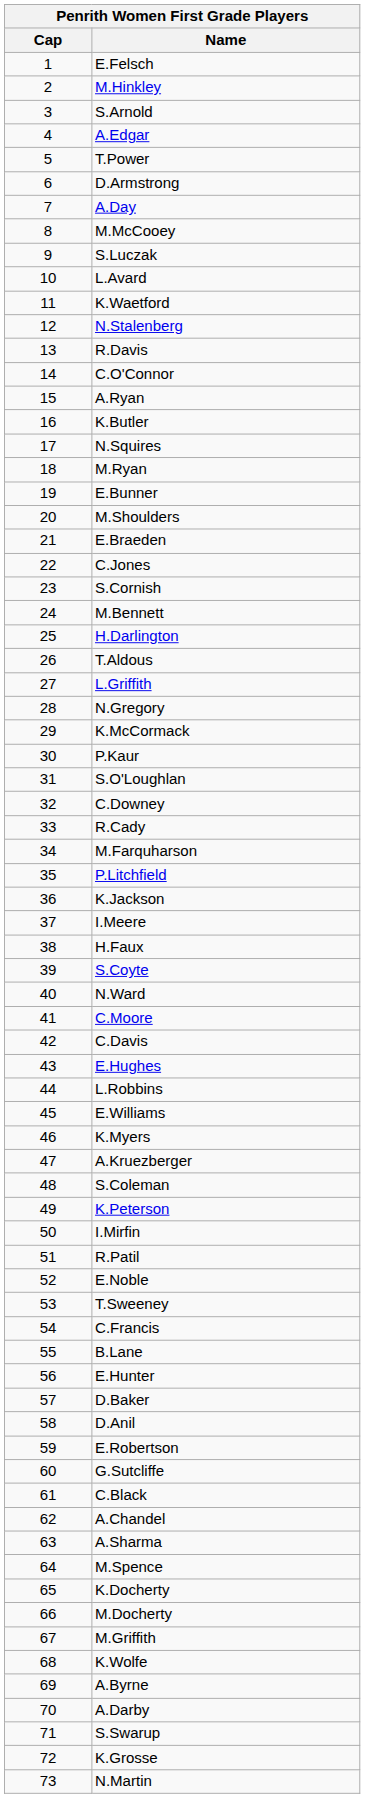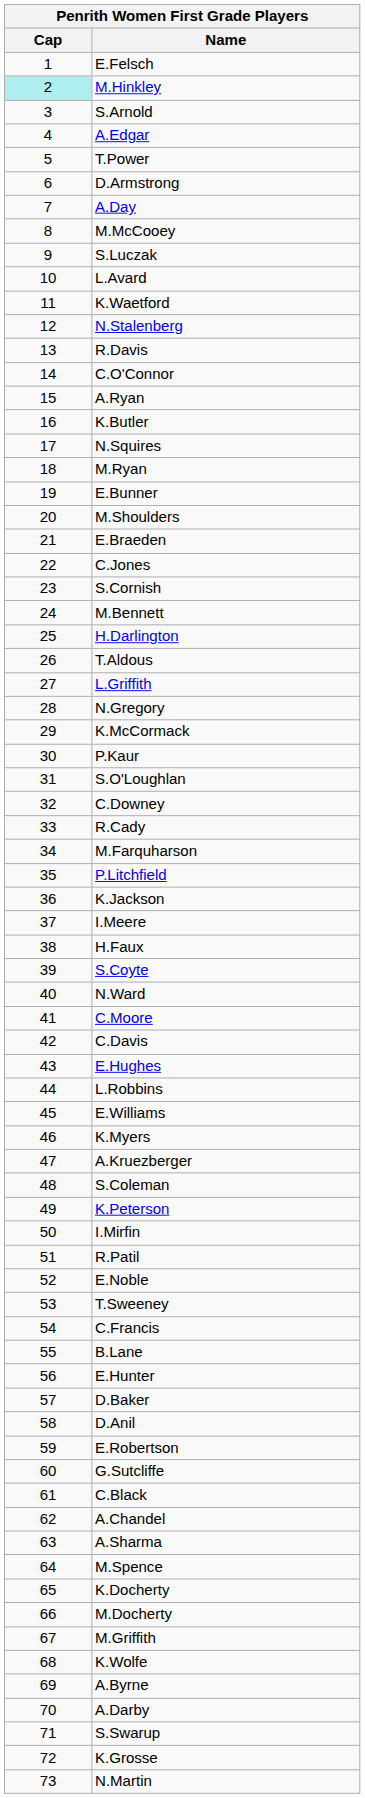 <table class="wikitable sortable" style="width:30%;">
 <tr style="background:#efefef;">
 <th colspan="3">Penrith Women First Grade Players</th>
 </tr>
 <tr>
 <th Cap (sport)>Cap</th>
 <th>Name</th>
 </tr>
 <tr>
 <td style="text-align:center">1</td>
 <td>E.Felsch</td>
 </tr>
 <tr>
-<td style="text-align:center">2</td>
+<td style="background: paleturquoise; text-align:center">2</td>
 <td><a href='#'>M.Hinkley</a></td>
 </tr>
 <tr>
 <td style="text-align:center">3</td>
 <td>S.Arnold</td>
 </tr>
 <tr>
 <td style="text-align:center">4</td>
 <td><a href='#'>A.Edgar</a></td>
 </tr>
 <tr>
 <td style="text-align:center">5</td>
 <td>T.Power</td>
 </tr>
 <tr>
 <td style="text-align:center">6</td>
 <td>D.Armstrong</td>
 </tr>
 <tr>
 <td style="text-align:center">7</td>
 <td><a href='#'>A.Day</a></td>
 </tr>
 <tr>
 <td style="text-align:center">8</td>
 <td>M.McCooey</td>
 </tr>
 <tr>
 <td style="text-align:center">9</td>
 <td>S.Luczak</td>
 </tr>
 <tr>
 <td style="text-align:center">10</td>
 <td>L.Avard</td>
 </tr>
 <tr>
 <td style="text-align:center">11</td>
 <td>K.Waetford</td>
 </tr>
 <tr>
 <td style="text-align:center">12</td>
 <td><a href='#'>N.Stalenberg</a></td>
 </tr>
 <tr>
 <td style="text-align:center">13</td>
 <td>R.Davis</td>
 </tr>
 <tr>
 <td style="text-align:center">14</td>
 <td>C.O'Connor</td>
 </tr>
 <tr>
 <td style="text-align:center">15</td>
 <td>A.Ryan</td>
 </tr>
 <tr>
 <td style="text-align:center">16</td>
 <td>K.Butler</td>
 </tr>
 <tr>
 <td style="text-align:center">17</td>
 <td>N.Squires</td>
 </tr>
 <tr>
 <td style="text-align:center">18</td>
 <td>M.Ryan</td>
 </tr>
 <tr>
 <td style="text-align:center">19</td>
 <td>E.Bunner</td>
 </tr>
 <tr>
 <td style="text-align:center">20</td>
 <td>M.Shoulders</td>
 </tr>
 <tr>
 <td style="text-align:center">21</td>
 <td>E.Braeden</td>
 </tr>
 <tr>
 <td style="text-align:center">22</td>
 <td>C.Jones</td>
 </tr>
 <tr>
 <td style="text-align:center">23</td>
 <td>S.Cornish</td>
 </tr>
 <tr>
 <td style="text-align:center">24</td>
 <td>M.Bennett</td>
 </tr>
 <tr>
 <td style="text-align:center">25</td>
 <td><a href='#'>H.Darlington</a></td>
 </tr>
 <tr>
 <td style="text-align:center">26</td>
 <td>T.Aldous</td>
 </tr>
 <tr>
 <td style="text-align:center">27</td>
 <td><a href='#'>L.Griffith</a></td>
 </tr>
 <tr>
 <td style="text-align:center">28</td>
 <td>N.Gregory</td>
 </tr>
 <tr>
 <td style="text-align:center">29</td>
 <td>K.McCormack</td>
 </tr>
 <tr>
 <td style="text-align:center">30</td>
 <td>P.Kaur</td>
 </tr>
 <tr>
 <td style="text-align:center">31</td>
 <td>S.O'Loughlan</td>
 </tr>
 <tr>
 <td style="text-align:center">32</td>
 <td>C.Downey</td>
 </tr>
 <tr>
 <td style="text-align:center">33</td>
 <td>R.Cady</td>
 </tr>
 <tr>
 <td style="text-align:center">34</td>
 <td>M.Farquharson</td>
 </tr>
 <tr>
 <td style="text-align:center">35</td>
 <td><a href='#'>P.Litchfield</a></td>
 </tr>
 <tr>
 <td style="text-align:center">36</td>
 <td>K.Jackson</td>
 </tr>
 <tr>
 <td style="text-align:center">37</td>
 <td>I.Meere</td>
 </tr>
 <tr>
 <td style="text-align:center">38</td>
 <td>H.Faux</td>
 </tr>
 <tr>
 <td style="text-align:center">39</td>
 <td><a href='#'>S.Coyte</a></td>
 </tr>
 <tr>
 <td style="text-align:center">40</td>
 <td>N.Ward</td>
 </tr>
 <tr>
 <td style="text-align:center">41</td>
 <td><a href='#'>C.Moore</a></td>
 </tr>
 <tr>
 <td style="text-align:center">42</td>
 <td>C.Davis</td>
 </tr>
 <tr>
 <td style="text-align:center">43</td>
 <td><a href='#'>E.Hughes</a></td>
 </tr>
 <tr>
 <td style="text-align:center">44</td>
 <td>L.Robbins</td>
 </tr>
 <tr>
 <td style="text-align:center">45</td>
 <td>E.Williams</td>
 </tr>
 <tr>
 <td style="text-align:center">46</td>
 <td>K.Myers</td>
 </tr>
 <tr>
 <td style="text-align:center">47</td>
 <td>A.Kruezberger</td>
 </tr>
 <tr>
 <td style="text-align:center">48</td>
 <td>S.Coleman</td>
 </tr>
 <tr>
 <td style="text-align:center">49</td>
 <td><a href='#'>K.Peterson</a></td>
 </tr>
 <tr>
 <td style="text-align:center">50</td>
 <td>I.Mirfin</td>
 </tr>
 <tr>
 <td style="text-align:center">51</td>
 <td>R.Patil</td>
 </tr>
 <tr>
 <td style="text-align:center">52</td>
 <td>E.Noble</td>
 </tr>
 <tr>
 <td style="text-align:center">53</td>
 <td>T.Sweeney</td>
 </tr>
 <tr>
 <td style="text-align:center">54</td>
 <td>C.Francis</td>
 </tr>
 <tr>
 <td style="text-align:center">55</td>
 <td>B.Lane</td>
 </tr>
 <tr>
 <td style="text-align:center">56</td>
 <td>E.Hunter</td>
 </tr>
 <tr>
 <td style="text-align:center">57</td>
 <td>D.Baker</td>
 </tr>
 <tr>
 <td style="text-align:center">58</td>
 <td>D.Anil</td>
 </tr>
 <tr>
 <td style="text-align:center">59</td>
 <td>E.Robertson</td>
 </tr>
 <tr>
 <td style="text-align:center">60</td>
 <td>G.Sutcliffe</td>
 </tr>
 <tr>
 <td style="text-align:center">61</td>
 <td>C.Black</td>
 </tr>
 <tr>
 <td style="text-align:center">62</td>
 <td>A.Chandel</td>
 </tr>
 <tr>
 <td style="text-align:center">63</td>
 <td>A.Sharma</td>
 </tr>
 <tr>
 <td style="text-align:center">64</td>
 <td>M.Spence</td>
 </tr>
 <tr>
 <td style="text-align:center">65</td>
 <td>K.Docherty</td>
 </tr>
 <tr>
 <td style="text-align:center">66</td>
 <td>M.Docherty</td>
 </tr>
 <tr>
 <td style="text-align:center">67</td>
 <td>M.Griffith</td>
 </tr>
 <tr>
 <td style="text-align:center">68</td>
 <td>K.Wolfe</td>
 </tr>
 <tr>
 <td style="text-align:center">69</td>
 <td>A.Byrne</td>
 </tr>
 <tr>
 <td style="text-align:center">70</td>
 <td>A.Darby</td>
 </tr>
 <tr>
 <td style="text-align:center">71</td>
 <td>S.Swarup</td>
 </tr>
 <tr>
 <td style="text-align:center">72</td>
 <td>K.Grosse</td>
 </tr>
 <tr>
 <td style="text-align:center">73</td>
 <td>N.Martin</td>
 </tr>
 </table>
